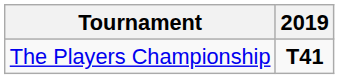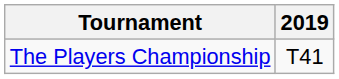 <table class="wikitable" style="font-size:95%;text-align:center;">
 <tr>
 <th>Tournament</th>
 <th>2019</th>
 </tr>
 <tr>
 <td align=left><a href='#'>The Players Championship</a></td>
-<td><strong>T41</strong></td>
+<td>T41</td>
 </tr>
 </table>
